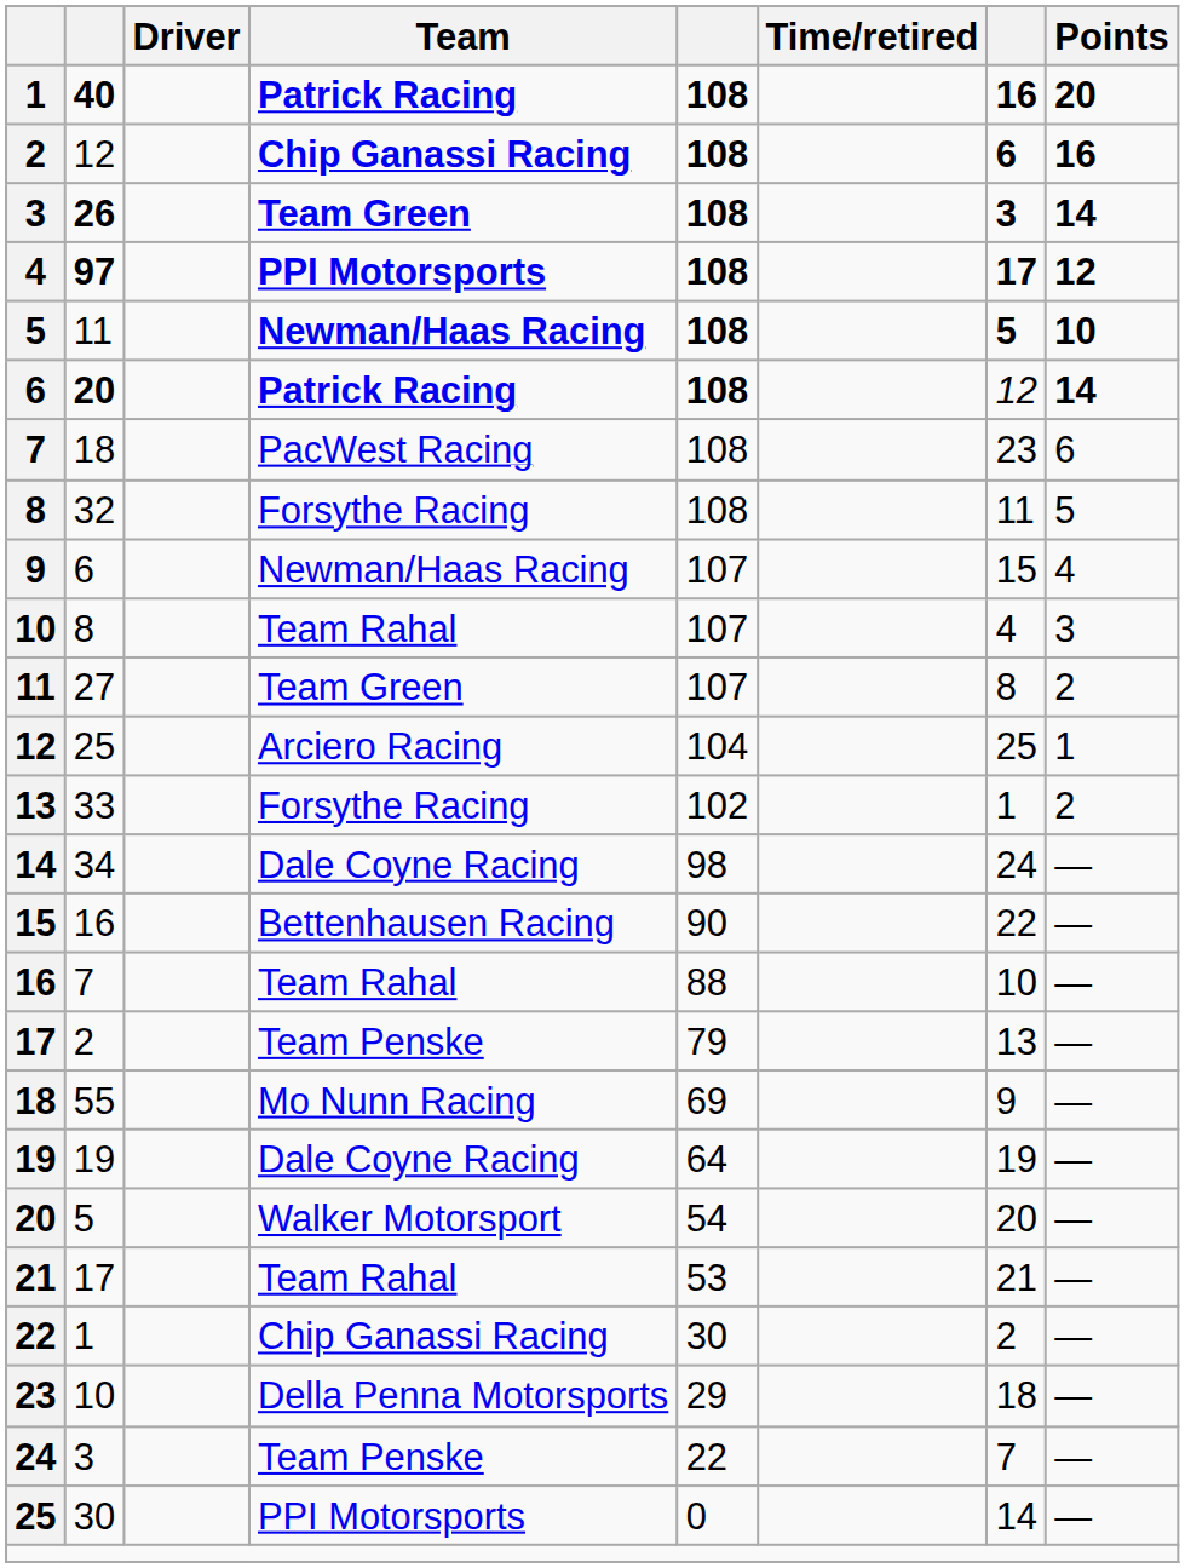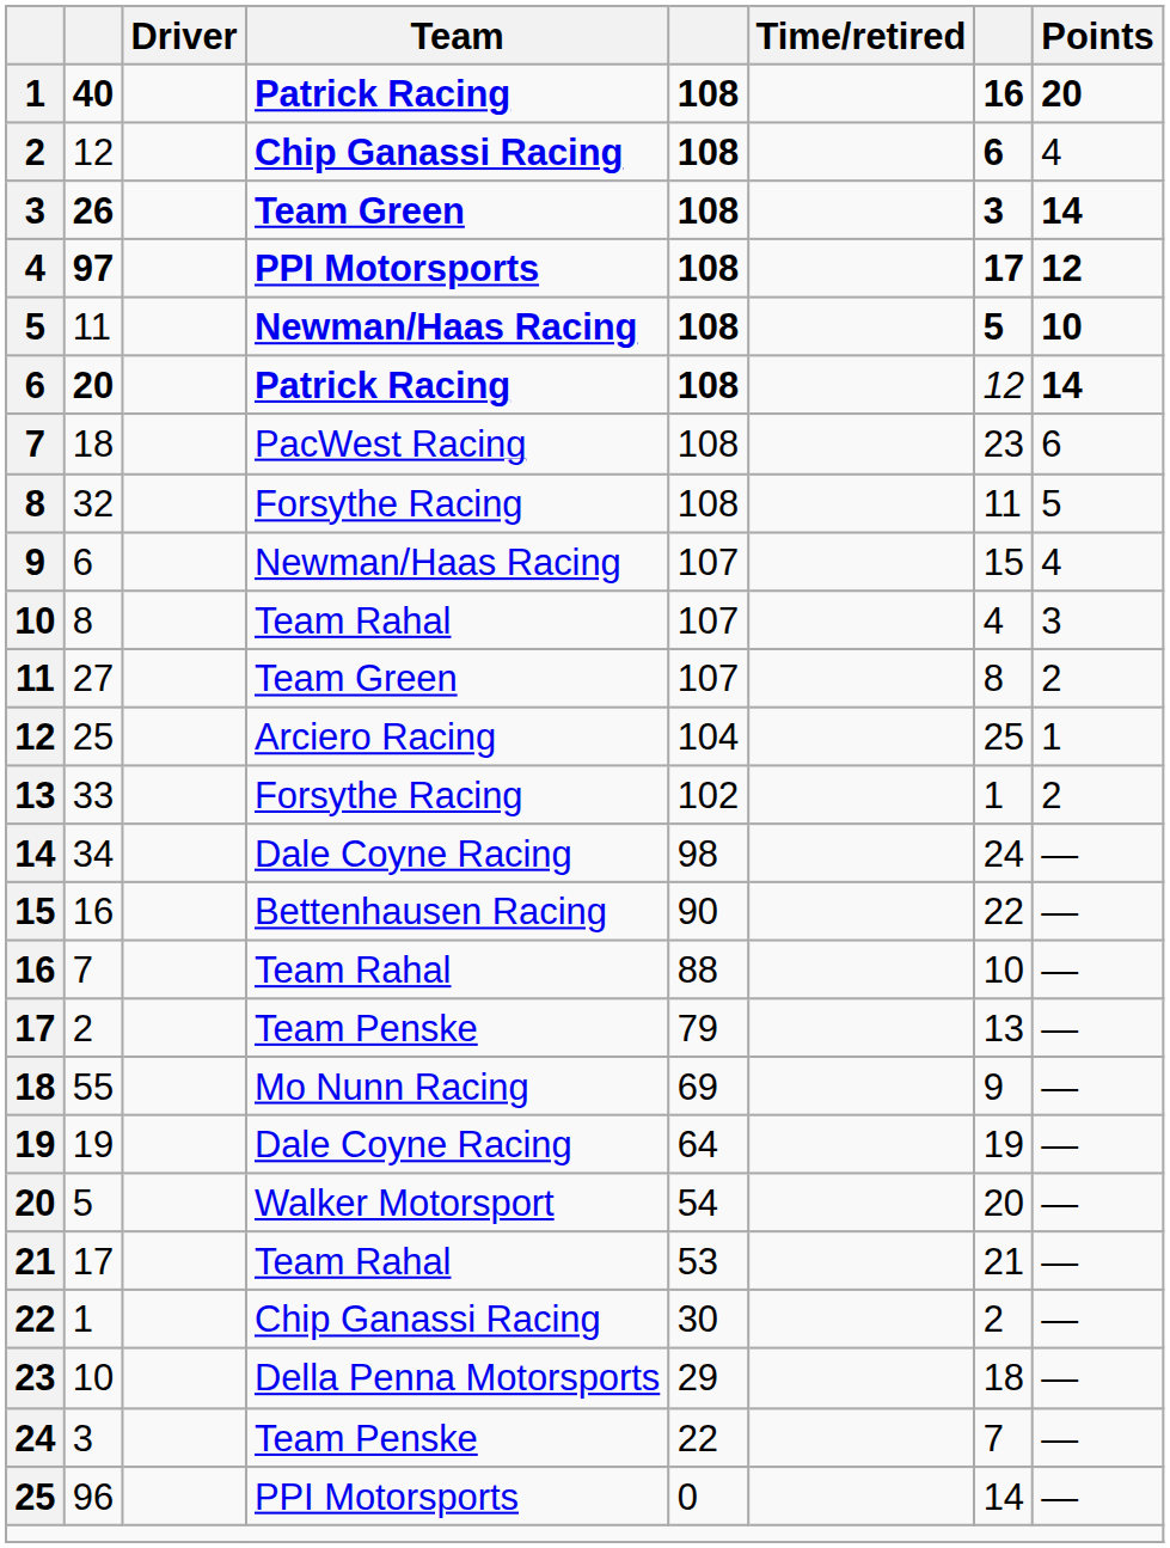 <table class="wikitable sortable" style="font-size:95%;">
 <tr>
 <th scope="col"></th>
 <th scope="col"></th>
 <th scope="col">Driver</th>
 <th scope="col">Team</th>
 <th scope="col"></th>
 <th scope="col">Time/retired</th>
 <th scope="col"></th>
 <th scope="col">Points</th>
 </tr>
 <tr>
 <th scope="row">1</th>
 <td><strong>40</strong></td>
 <td data-sort-value="FER"></td>
 <td><strong><a href='#'>Patrick Racing</a></strong></td>
 <td><strong>108</strong></td>
 <td></td>
 <td><strong>16</strong></td>
 <td><strong>20</strong></td>
 </tr>
 <tr>
 <th scope="row">2</th>
 <td>12</td>
 <td data-sort-value="VAS"></td>
 <td><strong><a href='#'>Chip Ganassi Racing</a></strong></td>
 <td><strong>108</strong></td>
 <td></td>
 <td><strong>6</strong></td>
-<td><strong>16</strong></td>
+<td></strong>4<strong></td>
 </tr>
 <tr>
 <th scope="row">3</th>
 <td><strong>26</strong></td>
 <td data-sort-value="TRA"></td>
 <td><strong><a href='#'>Team Green</a></strong></td>
 <td><strong>108</strong></td>
 <td></td>
 <td><strong>3</strong></td>
 <td><strong>14</strong></td>
 </tr>
 <tr>
 <th scope="row">4</th>
 <td><strong>97</strong></td>
 <td data-sort-value="DAM"></td>
 <td><strong><a href='#'>PPI Motorsports</a></strong></td>
 <td><strong>108</strong></td>
 <td></td>
 <td><strong>17</strong></td>
 <td><strong>12</strong></td>
 </tr>
 <tr>
 <th scope="row">5</th>
 <td>11</td>
 <td data-sort-value="FIT"></td>
 <td><strong><a href='#'>Newman/Haas Racing</a></strong></td>
 <td><strong>108</strong></td>
 <td></td>
 <td><strong>5</strong></td>
 <td><strong>10</strong></td>
 </tr>
 <tr>
 <th scope="row">6</th>
 <td><strong>20</strong></td>
 <td data-sort-value="MOR"></td>
 <td><strong><a href='#'>Patrick Racing</a></strong></td>
 <td><strong>108</strong></td>
 <td></td>
 <td><em>12<strong></td>
 <td><strong>14</strong></td>
 </tr>
 <tr>
 <th scope="row">7</th>
 <td></strong>18<strong></td>
 <td data-sort-value="BLU"></td>
 <td></strong><a href='#'>PacWest Racing</a><strong></td>
 <td></strong>108<strong></td>
 <td></td>
 <td></strong>23<strong></td>
 <td></strong>6<strong></td>
 </tr>
 <tr>
 <th scope="row">8</th>
 <td></strong>32<strong></td>
 <td data-sort-value="GID"></td>
 <td></strong><a href='#'>Forsythe Racing</a><strong></td>
 <td></strong>108<strong></td>
 <td></td>
 <td></strong>11<strong></td>
 <td></strong>5<strong></td>
 </tr>
 <tr>
 <th scope="row">9</th>
 <td></strong>6<strong></td>
 <td data-sort-value="AND"></td>
 <td></strong><a href='#'>Newman/Haas Racing</a><strong></td>
 <td></strong>107<strong></td>
 <td></td>
 <td></strong>15<strong></td>
 <td></strong>4<strong></td>
 </tr>
 <tr>
 <th scope="row">10</th>
 <td></strong>8<strong></td>
 <td data-sort-value="BRA"></td>
 <td></strong><a href='#'>Team Rahal</a><strong></td>
 <td></strong>107<strong></td>
 <td></td>
 <td></strong>4<strong></td>
 <td></strong>3<strong></td>
 </tr>
 <tr>
 <th scope="row">11</th>
 <td></strong>27<strong></td>
 <td data-sort-value="FRA"></td>
 <td></strong><a href='#'>Team Green</a><strong></td>
 <td></strong>107<strong></td>
 <td></td>
 <td></strong>8<strong></td>
 <td></strong>2<strong></td>
 </tr>
 <tr>
 <th scope="row">12</th>
 <td></strong>25<strong></td>
 <td data-sort-value="GAR"></td>
 <td></strong><a href='#'>Arciero Racing</a><strong></td>
 <td></strong>104<strong></td>
 <td></td>
 <td></strong>25<strong></td>
 <td></strong>1<strong></td>
 </tr>
 <tr>
 <th scope="row">13</th>
 <td></strong>33<strong></td>
 <td data-sort-value="TAG"></td>
 <td></strong><a href='#'>Forsythe Racing</a><strong></td>
 <td></strong>102<strong></td>
 <td></td>
 <td></strong>1<strong></td>
 <td></strong>2<strong></td>
 </tr>
 <tr>
 <th scope="row">14</th>
 <td>34</td>
 <td data-sort-value="SAL"></td>
 <td><a href='#'>Dale Coyne Racing</a></td>
 <td>98</td>
 <td></td>
 <td>24</td>
 <td>—</td>
 </tr>
 <tr>
 <th scope="row">15</th>
 <td>16</td>
 <td data-sort-value="JOU"></td>
 <td><a href='#'>Bettenhausen Racing</a></td>
 <td>90</td>
 <td></td>
 <td>22</td>
 <td>—</td>
 </tr>
 <tr>
 <th scope="row">16</th>
 <td>7</td>
 <td data-sort-value="PAP"></td>
 <td><a href='#'>Team Rahal</a></td>
 <td>88</td>
 <td></td>
 <td>10</td>
 <td>—</td>
 </tr>
 <tr>
 <th scope="row">17</th>
 <td>2</td>
 <td data-sort-value="DER"></td>
 <td><a href='#'>Team Penske</a></td>
 <td>79</td>
 <td></td>
 <td>13</td>
 <td>—</td>
 </tr>
 <tr>
 <th scope="row">18</th>
 <td>55</td>
 <td data-sort-value="KAN"></td>
 <td><a href='#'>Mo Nunn Racing</a></td>
 <td>69</td>
 <td></td>
 <td>9</td>
 <td>—</td>
 </tr>
 <tr>
 <th scope="row">19</th>
 <td>19</td>
 <td data-sort-value="KUR"></td>
 <td><a href='#'>Dale Coyne Racing</a></td>
 <td>64</td>
 <td></td>
 <td>19</td>
 <td>—</td>
 </tr>
 <tr>
 <th scope="row">20</th>
 <td>5</td>
 <td data-sort-value="HER"></td>
 <td><a href='#'>Walker Motorsport</a></td>
 <td>54</td>
 <td></td>
 <td>20</td>
 <td>—</td>
 </tr>
 <tr>
 <th scope="row">21</th>
 <td>17</td>
 <td data-sort-value="GUG"></td>
 <td><a href='#'>Team Rahal</a></td>
 <td>53</td>
 <td></td>
 <td>21</td>
 <td>—</td>
 </tr>
 <tr>
 <th scope="row">22</th>
 <td>1</td>
 <td data-sort-value="MON"></td>
 <td><a href='#'>Chip Ganassi Racing</a></td>
 <td>30</td>
 <td></td>
 <td>2</td>
 <td>—</td>
 </tr>
 <tr>
 <th scope="row">23</th>
 <td>10</td>
 <td data-sort-value="FON"></td>
 <td><a href='#'>Della Penna Motorsports</a></td>
 <td>29</td>
 <td></td>
 <td>18</td>
 <td>—</td>
 </tr>
 <tr>
 <th scope="row">24</th>
 <td>3</td>
 <td data-sort-value="CAS"></td>
 <td><a href='#'>Team Penske</a></td>
 <td>22</td>
 <td></td>
 <td>7</td>
 <td>—</td>
 </tr>
 <tr>
 <th scope="row">25</th>
-<td>30</td>
+<td>96</td>
 <td data-sort-value="SER"></td>
 <td><a href='#'>PPI Motorsports</a></td>
 <td>0</td>
 <td></td>
 <td>14</td>
 <td>—</td>
 </tr>
 <tr class="sortbottom">
 <td colspan="8"></td>
 </tr>
 <tr>
 </tr>
 </table>
